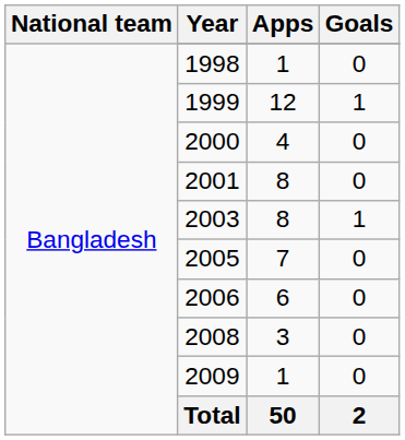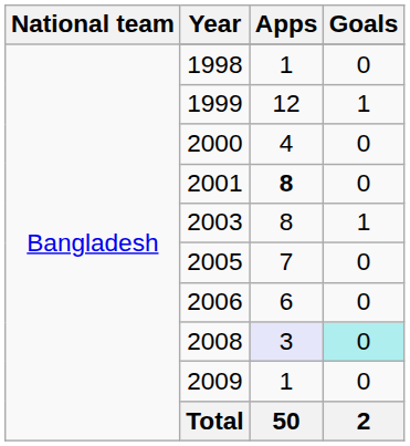 <table class="wikitable" style="text-align: center;">
 <tr>
 <th>National team</th>
 <th>Year</th>
 <th>Apps</th>
 <th>Goals</th>
 </tr>
 <tr>
 <td rowspan="11"><a href='#'>Bangladesh</a></td>
 </tr>
 <tr>
 <td>1998</td>
 <td>1</td>
 <td>0</td>
 </tr>
 <tr>
 <td>1999</td>
 <td>12</td>
 <td>1</td>
 </tr>
 <tr>
 <td>2000</td>
 <td>4</td>
 <td>0</td>
 </tr>
 <tr>
 <td>2001</td>
-<td>8</td>
+<td><strong>8</strong></td>
 <td>0</td>
 </tr>
 <tr>
 <td>2003</td>
 <td>8</td>
 <td>1</td>
 </tr>
 <tr>
 <td>2005</td>
 <td>7</td>
 <td>0</td>
 </tr>
 <tr>
 <td>2006</td>
 <td>6</td>
 <td>0</td>
 </tr>
 <tr>
 <td>2008</td>
-<td>3</td>
-<td>0</td>
+<td style="background: lavender;">3</td>
+<td style="background: paleturquoise;">0</td>
 </tr>
 <tr>
 <td>2009</td>
 <td>1</td>
 <td>0</td>
 </tr>
 <tr>
 <th>Total</th>
 <th>50</th>
 <th>2</th>
 </tr>
 </table>
